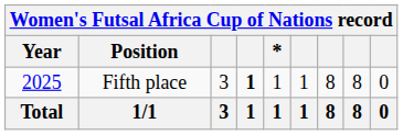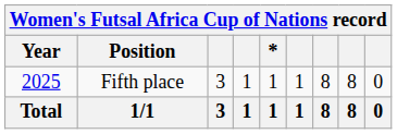 <table class="wikitable" style="text-align: center;">
 <tr>
 <th colspan="9"><a href='#'>Women's Futsal Africa Cup of Nations</a> record</th>
 </tr>
 <tr>
 <th>Year</th>
 <th>Position</th>
 <th></th>
 <th></th>
 <th>*</th>
 <th></th>
 <th></th>
 <th></th>
 <th></th>
 </tr>
 <tr>
 <td> <a href='#'>2025</a></td>
 <td>Fifth place</td>
 <td>3</td>
-<td><strong>1</strong></td>
+<td>1</td>
 <td>1</td>
 <td>1</td>
 <td>8</td>
 <td>8</td>
 <td>0</td>
 </tr>
 <tr>
 <th>Total</th>
 <th>1/1</th>
 <th>3</th>
 <th>1</th>
 <th>1</th>
 <th>1</th>
 <th>8</th>
 <th>8</th>
 <th>0</th>
 </tr>
 </table>
